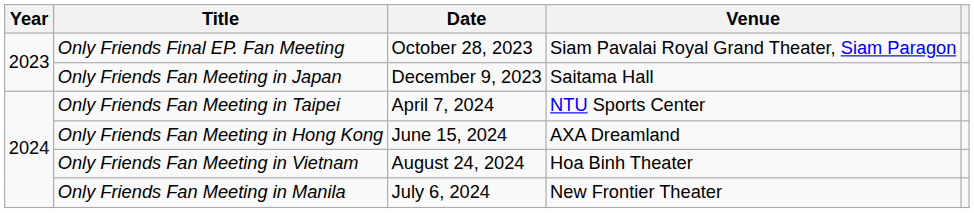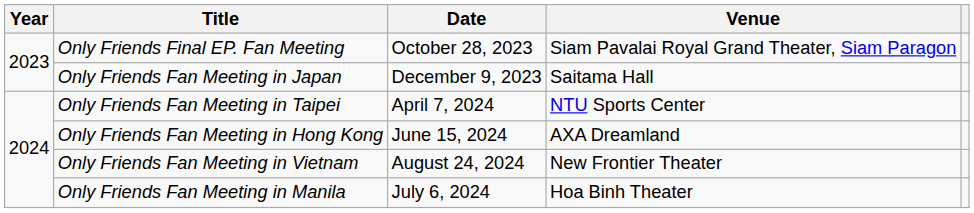 <table class="wikitable">
 <tr>
 <th>Year</th>
 <th>Title</th>
 <th>Date</th>
 <th>Venue</th>
 <th></th>
 </tr>
 <tr>
 <td rowspan="2">2023</td>
 <td><em>Only Friends Final EP. Fan Meeting</em></td>
 <td>October 28, 2023</td>
 <td>Siam Pavalai Royal Grand Theater, <a href='#'>Siam Paragon</a></td>
 <td></td>
 </tr>
 <tr>
 <td><em>Only Friends Fan Meeting in Japan</em></td>
 <td>December 9, 2023</td>
 <td>Saitama Hall</td>
 <td></td>
 </tr>
 <tr>
 <td rowspan="4">2024</td>
 <td><em>Only Friends Fan Meeting in Taipei</em></td>
 <td>April 7, 2024</td>
 <td><a href='#'>NTU</a> Sports Center</td>
 <td></td>
 </tr>
 <tr>
 <td><em>Only Friends Fan Meeting in Hong Kong</em></td>
 <td>June 15, 2024</td>
 <td>AXA Dreamland</td>
 <td></td>
 </tr>
 <tr>
 <td><em>Only Friends Fan Meeting in Vietnam</em></td>
 <td>August 24, 2024</td>
-<td>Hoa Binh Theater</td>
+<td>New Frontier Theater</td>
 <td></td>
 </tr>
 <tr>
 <td><em>Only Friends Fan Meeting in Manila</em></td>
 <td>July 6, 2024</td>
-<td>New Frontier Theater</td>
+<td>Hoa Binh Theater</td>
 <td></td>
 </tr>
 </table>
